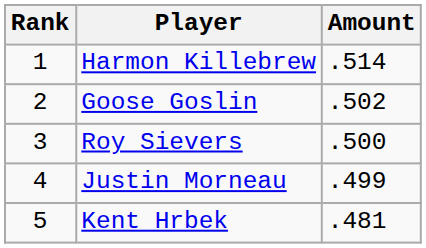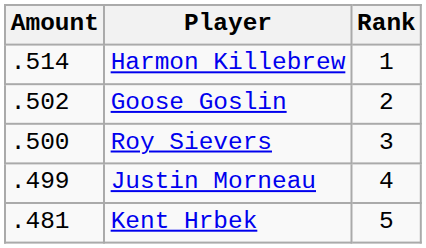 <table class="wikitable" style="font-size: 95%; text-align:left;">
 <tr>
+<th>Amount</th>
+<th>Player</th>
 <th>Rank</th>
-<th>Player</th>
-<th>Amount</th>
 </tr>
 <tr>
+<td>.514</td>
+<td><a href='#'>Harmon Killebrew</a></td>
 <td align="center">1</td>
-<td><a href='#'>Harmon Killebrew</a></td>
-<td>.514</td>
 </tr>
 <tr>
+<td>.502</td>
+<td><a href='#'>Goose Goslin</a></td>
 <td align="center">2</td>
-<td><a href='#'>Goose Goslin</a></td>
-<td>.502</td>
 </tr>
 <tr>
+<td>.500</td>
+<td><a href='#'>Roy Sievers</a></td>
 <td align="center">3</td>
-<td><a href='#'>Roy Sievers</a></td>
-<td>.500</td>
 </tr>
 <tr>
+<td>.499</td>
+<td><a href='#'>Justin Morneau</a></td>
 <td align="center">4</td>
-<td><a href='#'>Justin Morneau</a></td>
-<td>.499</td>
 </tr>
 <tr>
+<td>.481</td>
+<td><a href='#'>Kent Hrbek</a></td>
 <td align="center">5</td>
-<td><a href='#'>Kent Hrbek</a></td>
-<td>.481</td>
 </tr>
 </table>
